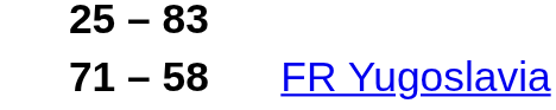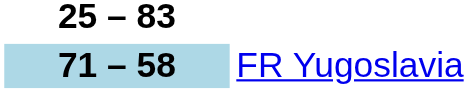 <table style="text-align:center">
 <tr>
 <th width=200></th>
 <th width=100></th>
 <th width=200></th>
 </tr>
 <tr>
 <td align=right></td>
 <td><strong>25 – 83</strong></td>
 <td align=left><strong></strong></td>
 </tr>
 <tr>
 <td align=right><strong></strong></td>
-<td><strong>71 – 58 </strong></td>
+<td style="background: lightblue;"><strong>71 – 58 </strong></td>
 <td align=left> <a href='#'>FR Yugoslavia</a></td>
 </tr>
 </table>
